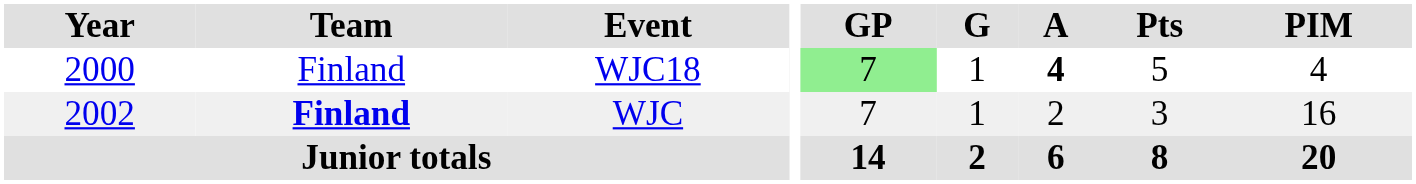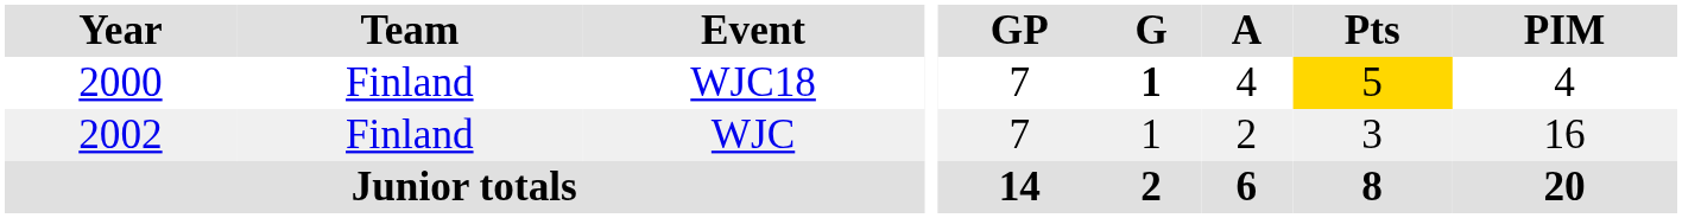 <table border="0" cellpadding="1" cellspacing="0" ID="Table3" style="text-align:center; width:40em">
 <tr ALIGN="center" bgcolor="#e0e0e0">
 <th>Year</th>
 <th>Team</th>
 <th>Event</th>
 <th rowspan="99" bgcolor="#ffffff"></th>
 <th>GP</th>
 <th>G</th>
 <th>A</th>
 <th>Pts</th>
 <th>PIM</th>
 </tr>
 <tr>
 <td><a href='#'>2000</a></td>
 <td><a href='#'>Finland</a></td>
 <td><a href='#'>WJC18</a></td>
-<td style="background: lightgreen;">7</td>
-<td>1</td>
-<td><strong>4</strong></td>
-<td>5</td>
+<td>7</td>
+<td><strong>1</strong></td>
+<td>4</td>
+<td style="background: gold;">5</td>
 <td>4</td>
 </tr>
 <tr bgcolor="#f0f0f0">
 <td><a href='#'>2002</a></td>
-<td><strong><a href='#'>Finland</a></strong></td>
+<td><a href='#'>Finland</a></td>
 <td><a href='#'>WJC</a></td>
 <td>7</td>
 <td>1</td>
 <td>2</td>
 <td>3</td>
 <td>16</td>
 </tr>
 <tr bgcolor="#e0e0e0">
 <th colspan="3">Junior totals</th>
 <th>14</th>
 <th>2</th>
 <th>6</th>
 <th>8</th>
 <th>20</th>
 </tr>
 </table>
